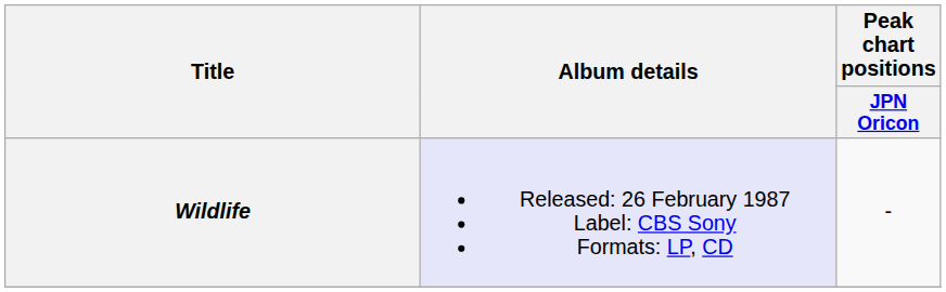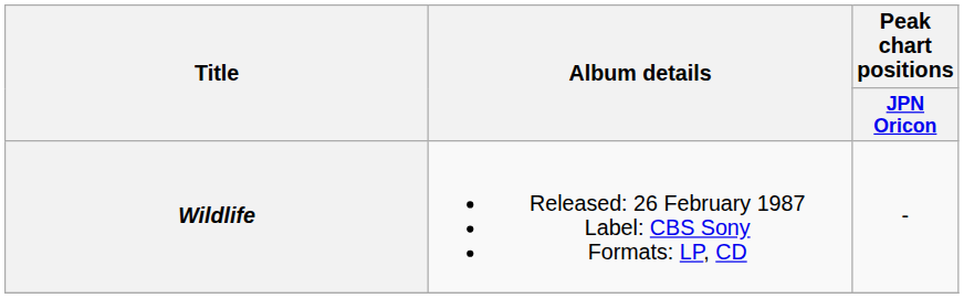 <table class="wikitable plainrowheaders" style="text-align:center;">
 <tr>
 <th scope="col" rowspan="2" style="width:19em;">Title</th>
 <th scope="col" rowspan="2" style="width:19em;">Album details</th>
 <th scope="col">Peak chart positions</th>
 </tr>
 <tr>
 <th scope="col" style="width:2.9em;font-size:90%;"><a href='#'>JPN<br>Oricon</a><br></th>
 </tr>
 <tr>
 <th scope="row"><em>Wildlife</em></th>
-<td style="background: lavender;"><br><ul><li>Released: 26 February 1987</li><li>Label: <a href='#'>CBS Sony</a></li><li>Formats: <a href='#'>LP</a>, <a href='#'>CD</a></li></ul></td>
+<td><br><ul><li>Released: 26 February 1987</li><li>Label: <a href='#'>CBS Sony</a></li><li>Formats: <a href='#'>LP</a>, <a href='#'>CD</a></li></ul></td>
 <td>-</td>
 </tr>
 <tr>
 </tr>
 </table>
